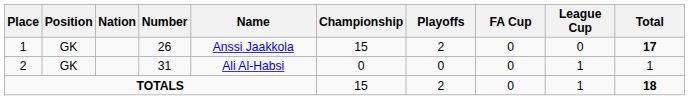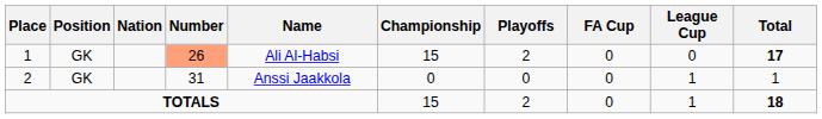 <table class="wikitable" style="font-size: 95%; text-align: center">
 <tr>
 <th width=20>Place</th>
 <th width=20>Position</th>
 <th width=20>Nation</th>
 <th width=20>Number</th>
 <th width=150>Name</th>
 <th width=80>Championship</th>
 <th width=80>Playoffs</th>
 <th width=80>FA Cup</th>
 <th width=80>League Cup</th>
 <th width=80><strong>Total</strong></th>
 </tr>
 <tr>
 <td>1</td>
 <td>GK</td>
 <td></td>
-<td>26</td>
-<td><a href='#'>Anssi Jaakkola</a></td>
+<td style="background: lightsalmon;">26</td>
+<td><a href='#'>Ali Al-Habsi</a></td>
 <td>15</td>
 <td>2</td>
 <td>0</td>
 <td>0</td>
 <td><strong>17</strong></td>
 </tr>
 <tr>
 <td>2</td>
 <td>GK</td>
 <td></td>
 <td>31</td>
-<td><a href='#'>Ali Al-Habsi</a></td>
+<td><a href='#'>Anssi Jaakkola</a></td>
 <td>0</td>
 <td>0</td>
 <td>0</td>
 <td>1</td>
 <td>1</td>
 </tr>
 <tr>
 <td colspan="5"><strong>TOTALS</strong></td>
 <td>15</td>
 <td>2</td>
 <td>0</td>
 <td>1</td>
 <td><strong>18</strong></td>
 </tr>
 </table>
